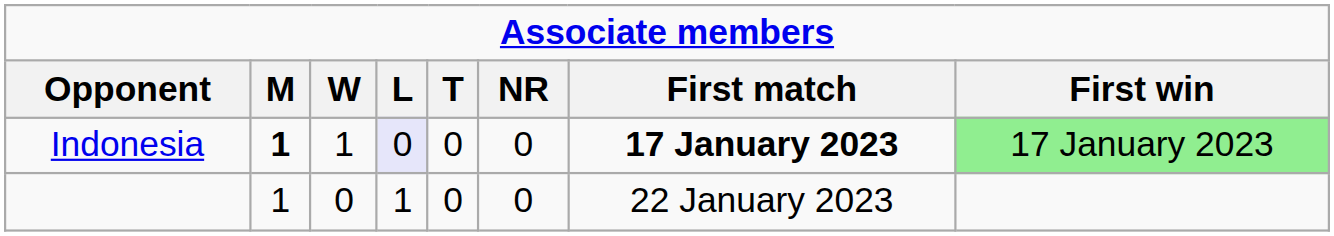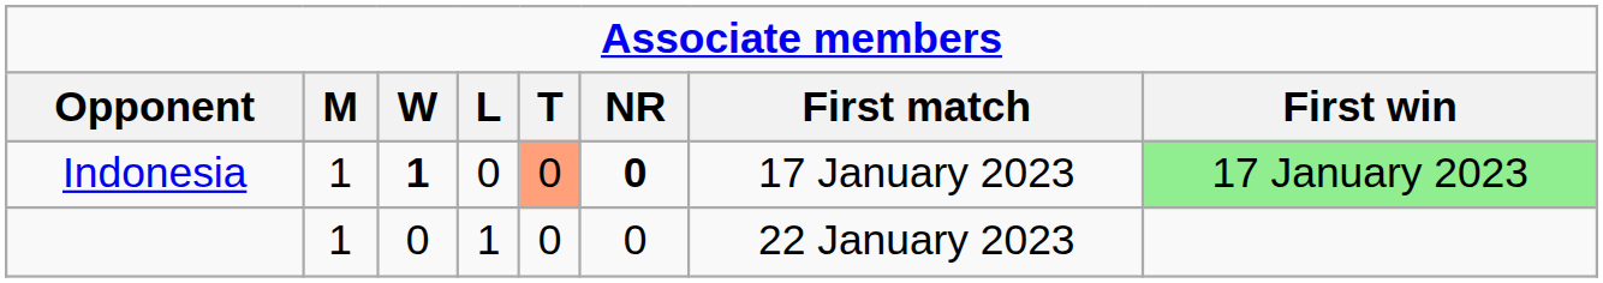 <table class="wikitable" style="text-align: center; width: 600px">
 <tr>
 <td colspan="30" style="text-align: center;"><strong><a href='#'>Associate members</a></strong></td>
 </tr>
 <tr>
 <th>Opponent</th>
 <th>M</th>
 <th>W</th>
 <th>L</th>
 <th>T</th>
 <th>NR</th>
 <th>First match</th>
 <th>First win</th>
 </tr>
 <tr>
 <td> <a href='#'>Indonesia</a></td>
+<td>1</td>
 <td><strong>1</strong></td>
-<td>1</td>
-<td style="background: lavender;">0</td>
 <td>0</td>
-<td>0</td>
-<td><strong>17 January 2023</strong></td>
+<td style="background: lightsalmon;">0</td>
+<td><strong>0</strong></td>
+<td>17 January 2023</td>
 <td style="background: lightgreen;">17 January 2023</td>
 </tr>
 <tr>
 <td></td>
 <td>1</td>
 <td>0</td>
 <td>1</td>
 <td>0</td>
 <td>0</td>
 <td>22 January 2023</td>
 <td></td>
 </tr>
 </table>
